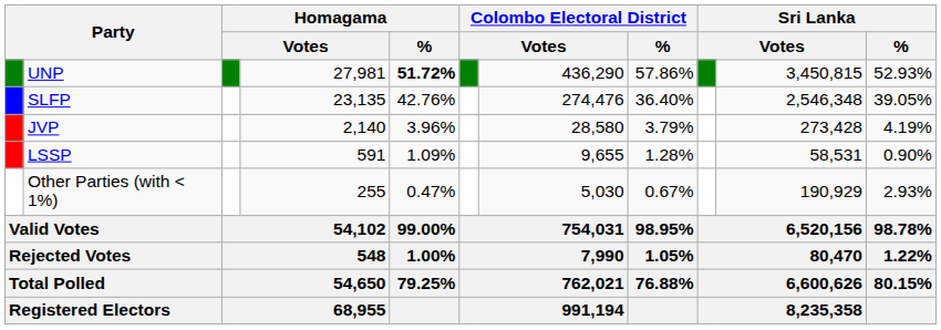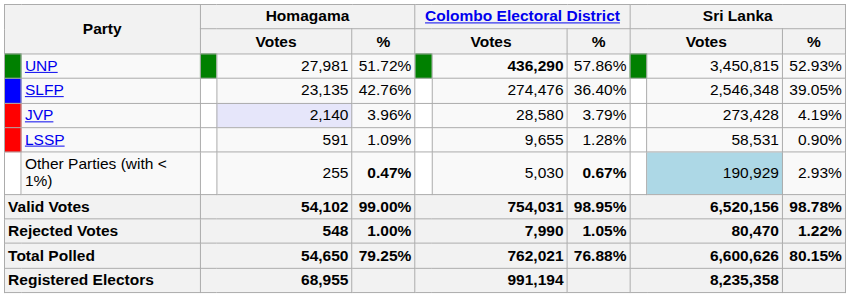 <table class="wikitable">
 <tr>
 <th colspan="2" width="144px"rowspan="2">Party</th>
 <th colspan="3" width="216px">Homagama</th>
 <th colspan="3" width="216px"><a href='#'>Colombo Electoral District</a></th>
 <th colspan="3" width="216px">Sri Lanka</th>
 </tr>
 <tr>
 <th colspan="2" width="144px">Votes</th>
 <th>%</th>
 <th colspan="2" width="144px">Votes</th>
 <th>%</th>
 <th colspan="2" width="144px">Votes</th>
 <th>%</th>
 </tr>
 <tr>
 <td style="background-color:green;" width="10px"></td>
 <td style="text-align:left;"><a href='#'>UNP</a></td>
 <td style="background-color:green;" width="10px"></td>
 <td style="text-align:right;">27,981</td>
-<td style="text-align:right;"><strong>51.72%</strong></td>
+<td style="text-align:right;">51.72%</td>
 <td style="background-color:green;" width="10px"></td>
-<td style="text-align:right;">436,290</td>
+<td style="text-align:right;"><strong>436,290</strong></td>
 <td style="text-align:right;">57.86%</td>
 <td style="background-color:green;" width="10px"></td>
 <td style="text-align:right;">3,450,815</td>
 <td style="text-align:right;">52.93%</td>
 </tr>
 <tr>
 <td style="background-color:blue;" width="10px"></td>
 <td style="text-align:left;"><a href='#'>SLFP</a></td>
 <td style="background-color:white;" width="10px"></td>
 <td style="text-align:right;">23,135</td>
 <td style="text-align:right;">42.76%</td>
 <td style="background-color:white;" width="10px"></td>
 <td style="text-align:right;">274,476</td>
 <td style="text-align:right;">36.40%</td>
 <td style="background-color:white;" width="10px"></td>
 <td style="text-align:right;">2,546,348</td>
 <td style="text-align:right;">39.05%</td>
 </tr>
 <tr>
 <td style="background-color:red;" width="10px"></td>
 <td style="text-align:left;"><a href='#'>JVP</a></td>
 <td style="background-color:white;" width="10px"></td>
-<td style="text-align:right;">2,140</td>
+<td style="background: lavender; text-align:right;">2,140</td>
 <td style="text-align:right;">3.96%</td>
 <td style="background-color:white;" width="10px"></td>
 <td style="text-align:right;">28,580</td>
 <td style="text-align:right;">3.79%</td>
 <td style="background-color:white;" width="10px"></td>
 <td style="text-align:right;">273,428</td>
 <td style="text-align:right;">4.19%</td>
 </tr>
 <tr>
 <td style="background-color:red;" width="10px"></td>
 <td style="text-align:left;"><a href='#'>LSSP</a></td>
 <td style="background-color:white;" width="10px"></td>
 <td style="text-align:right;">591</td>
 <td style="text-align:right;">1.09%</td>
 <td style="background-color:white;" width="10px"></td>
 <td style="text-align:right;">9,655</td>
 <td style="text-align:right;">1.28%</td>
 <td style="background-color:white;" width="10px"></td>
 <td style="text-align:right;">58,531</td>
 <td style="text-align:right;">0.90%</td>
 </tr>
 <tr>
 <td style="background-color:white;" width="10px"></td>
 <td style="text-align:left;">Other Parties (with < 1%)</td>
 <td style="background-color:white;" width="10px"></td>
 <td style="text-align:right;">255</td>
-<td style="text-align:right;">0.47%</td>
+<td style="text-align:right;"><strong>0.47%</strong></td>
 <td style="background-color:white;" width="10px"></td>
 <td style="text-align:right;">5,030</td>
-<td style="text-align:right;">0.67%</td>
+<td style="text-align:right;"><strong>0.67%</strong></td>
 <td style="background-color:white;" width="10px"></td>
-<td style="text-align:right;">190,929</td>
+<td style="background: lightblue; text-align:right;">190,929</td>
 <td style="text-align:right;">2.93%</td>
 </tr>
 <tr>
 <th colspan="2" width="144px"style="text-align:left;">Valid Votes</th>
 <th style="text-align:right;"colspan="2" width="144px">54,102</th>
 <th style="text-align:right;">99.00%</th>
 <th style="text-align:right;"colspan="2" width="144px">754,031</th>
 <th style="text-align:right;">98.95%</th>
 <th style="text-align:right;"colspan="2" width="144px">6,520,156</th>
 <th style="text-align:right;">98.78%</th>
 </tr>
 <tr>
 <th colspan="2" width="144px"style="text-align:left;">Rejected Votes</th>
 <th style="text-align:right;"colspan="2" width="144px">548</th>
 <th style="text-align:right;">1.00%</th>
 <th style="text-align:right;"colspan="2" width="144px">7,990</th>
 <th style="text-align:right;">1.05%</th>
 <th style="text-align:right;"colspan="2" width="144px">80,470</th>
 <th style="text-align:right;">1.22%</th>
 </tr>
 <tr>
 <th colspan="2" width="144px"style="text-align:left;">Total Polled</th>
 <th style="text-align:right;"colspan="2" width="144px">54,650</th>
 <th style="text-align:right;">79.25%</th>
 <th style="text-align:right;"colspan="2" width="144px">762,021</th>
 <th style="text-align:right;">76.88%</th>
 <th style="text-align:right;"colspan="2" width="144px">6,600,626</th>
 <th style="text-align:right;">80.15%</th>
 </tr>
 <tr>
 <th colspan="2" width="144px"style="text-align:left;">Registered Electors</th>
 <th style="text-align:right;"colspan="2" width="144px">68,955</th>
 <th></th>
 <th style="text-align:right;"colspan="2" width="144px">991,194</th>
 <th></th>
 <th style="text-align:right;"colspan="2" width="144px">8,235,358</th>
 <th></th>
 </tr>
 </table>
